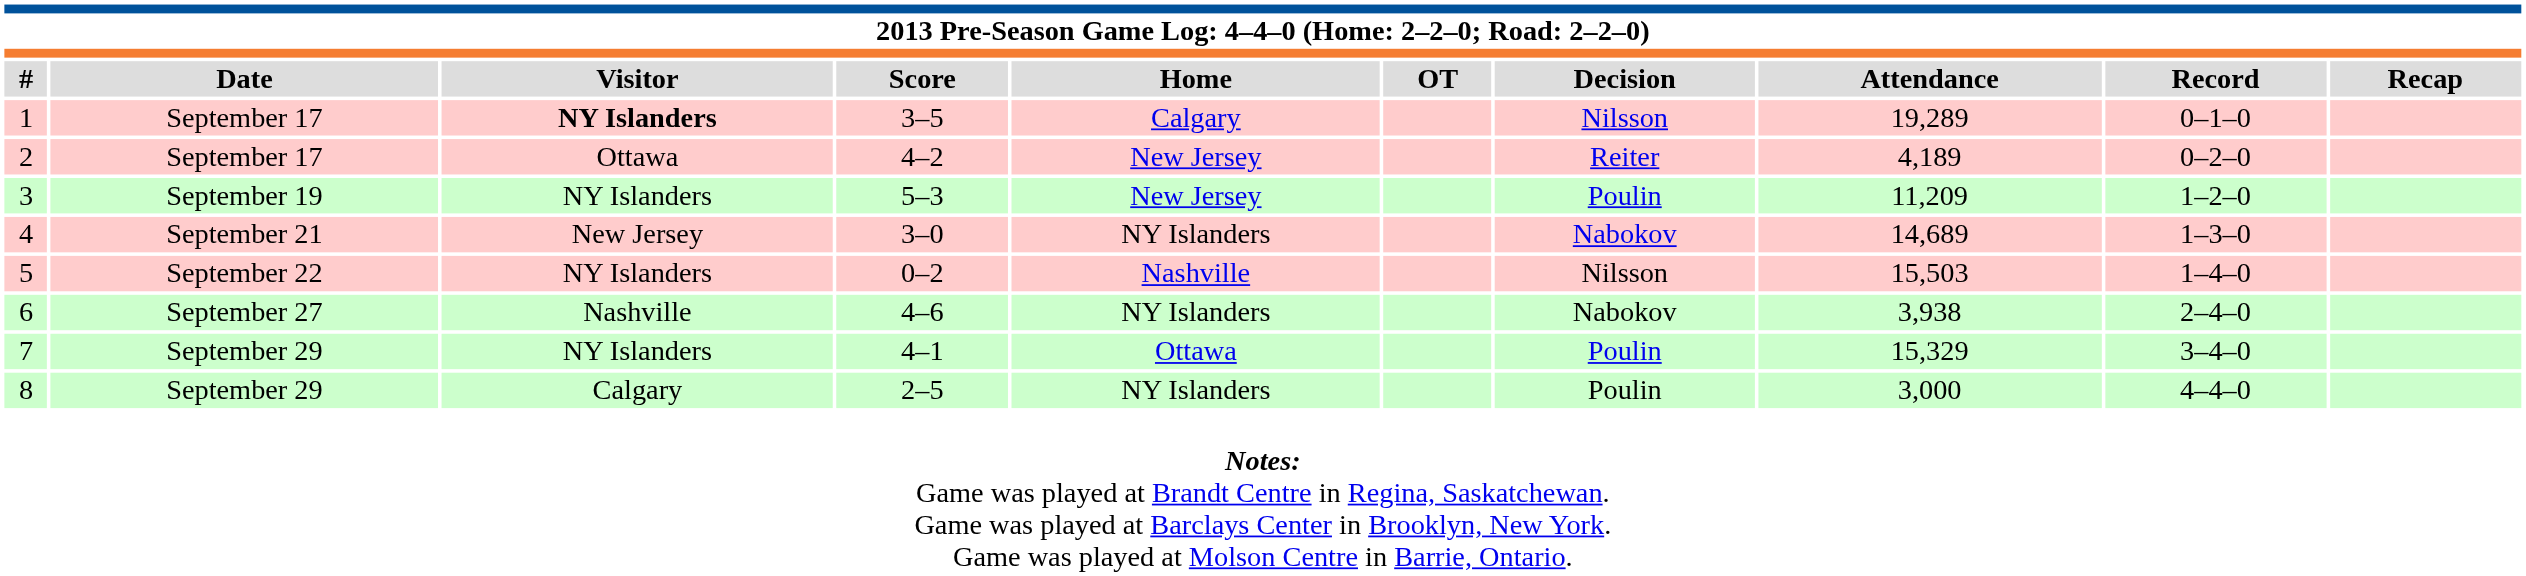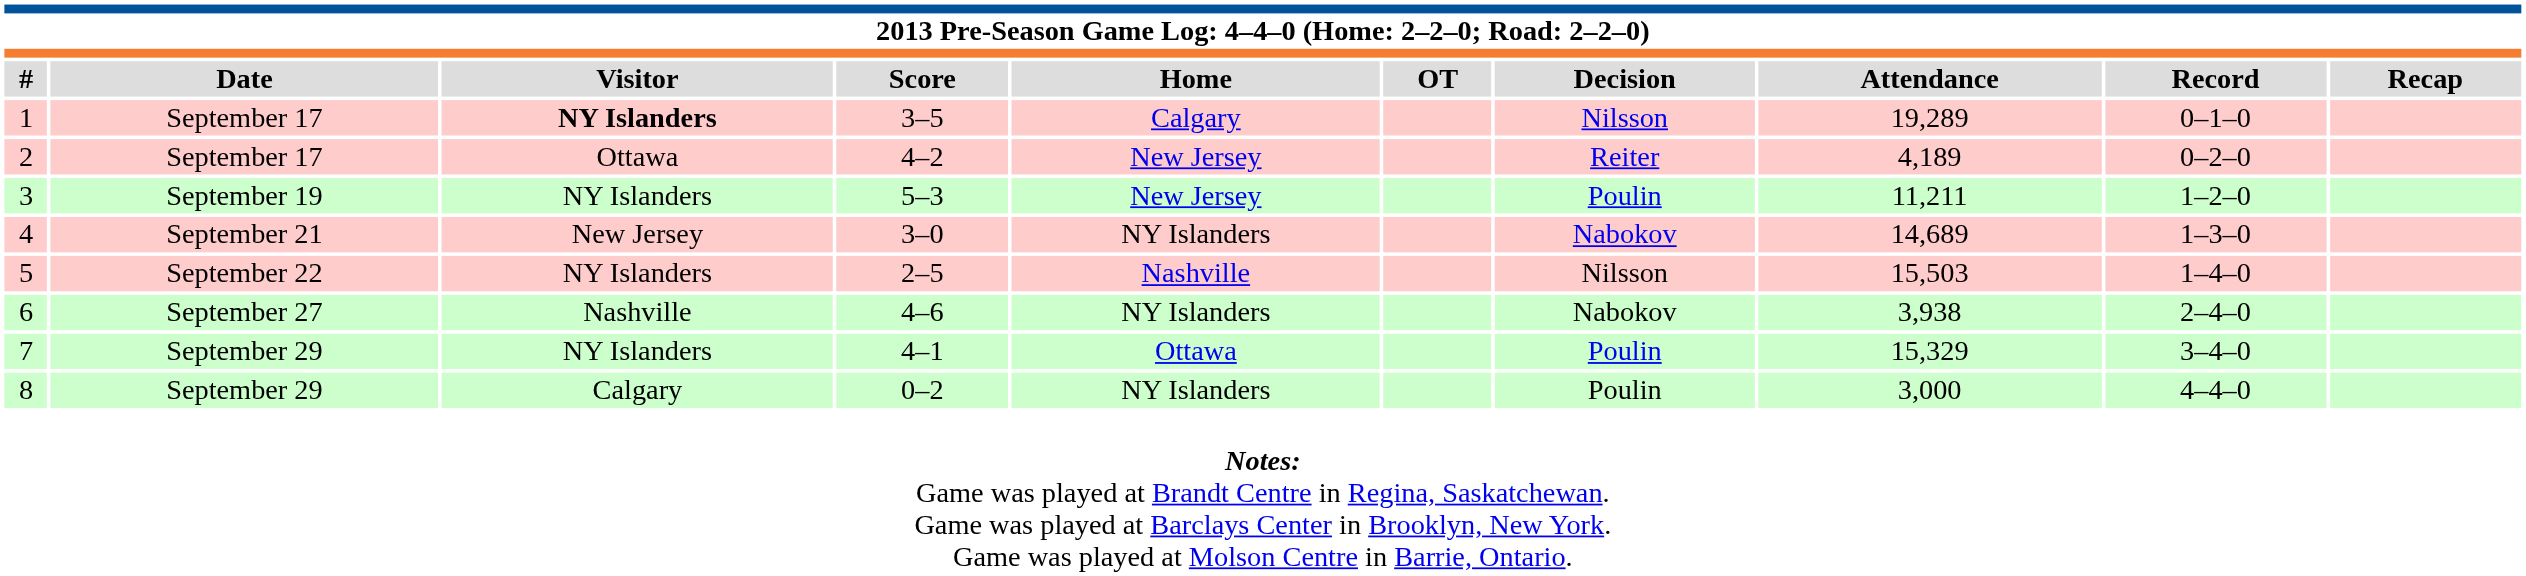 <table class="toccolours collapsible collapsed"  style="width:90%; clear:both; margin:1.5em auto; text-align:center;">
 <tr>
 <th colspan=10 style="background:#fff; border-top:#00529B 5px solid; border-bottom:#F57D31 5px solid;">2013 Pre-Season Game Log: 4–4–0 (Home: 2–2–0; Road: 2–2–0)</th>
 </tr>
 <tr style="text-align:center; background:#ddd;">
 <th>#</th>
 <th>Date</th>
 <th>Visitor</th>
 <th>Score</th>
 <th>Home</th>
 <th>OT</th>
 <th>Decision</th>
 <th>Attendance</th>
 <th>Record</th>
 <th>Recap</th>
 </tr>
 <tr style="text-align:center; background:#fcc;">
 <td>1</td>
 <td>September 17</td>
 <td><strong>NY Islanders</strong></td>
 <td>3–5</td>
 <td><a href='#'>Calgary</a></td>
 <td></td>
 <td><a href='#'>Nilsson</a></td>
 <td>19,289</td>
 <td>0–1–0</td>
 <td></td>
 </tr>
 <tr style="text-align:center; background:#fcc;">
 <td>2</td>
 <td>September 17</td>
 <td>Ottawa</td>
 <td>4–2</td>
 <td><a href='#'>New Jersey</a></td>
 <td></td>
 <td><a href='#'>Reiter</a></td>
 <td>4,189</td>
 <td>0–2–0</td>
 <td></td>
 </tr>
 <tr style="text-align:center; background:#cfc;">
 <td>3</td>
 <td>September 19</td>
 <td>NY Islanders</td>
 <td>5–3</td>
 <td><a href='#'>New Jersey</a></td>
 <td></td>
 <td><a href='#'>Poulin</a></td>
-<td>11,209</td>
+<td>11,211</td>
 <td>1–2–0</td>
 <td></td>
 </tr>
 <tr style="text-align:center; background:#fcc;">
 <td>4</td>
 <td>September 21</td>
 <td>New Jersey</td>
 <td>3–0</td>
 <td>NY Islanders</td>
 <td></td>
 <td><a href='#'>Nabokov</a></td>
 <td>14,689</td>
 <td>1–3–0</td>
 <td></td>
 </tr>
 <tr style="text-align:center; background:#fcc;">
 <td>5</td>
 <td>September 22</td>
 <td>NY Islanders</td>
-<td>0–2</td>
+<td>2–5</td>
 <td><a href='#'>Nashville</a></td>
 <td></td>
 <td>Nilsson</td>
 <td>15,503</td>
 <td>1–4–0</td>
 <td></td>
 </tr>
 <tr style="text-align:center; background:#cfc;">
 <td>6</td>
 <td>September 27</td>
 <td>Nashville</td>
 <td>4–6</td>
 <td>NY Islanders</td>
 <td></td>
 <td>Nabokov</td>
 <td>3,938</td>
 <td>2–4–0</td>
 <td></td>
 </tr>
 <tr style="text-align:center; background:#cfc;">
 <td>7</td>
 <td>September 29</td>
 <td>NY Islanders</td>
 <td>4–1</td>
 <td><a href='#'>Ottawa</a></td>
 <td></td>
 <td><a href='#'>Poulin</a></td>
 <td>15,329</td>
 <td>3–4–0</td>
 <td></td>
 </tr>
 <tr style="text-align:center; background:#cfc;">
 <td>8</td>
 <td>September 29</td>
 <td>Calgary</td>
-<td>2–5</td>
+<td>0–2</td>
 <td>NY Islanders</td>
 <td></td>
 <td>Poulin</td>
 <td>3,000</td>
 <td>4–4–0</td>
 <td></td>
 </tr>
 <tr>
 <td colspan="10" style="text-align:center;"><br><strong><em>Notes:</em></strong><br> Game was played at <a href='#'>Brandt Centre</a> in <a href='#'>Regina, Saskatchewan</a>.<br> Game was played at <a href='#'>Barclays Center</a> in <a href='#'>Brooklyn, New York</a>.<br> Game was played at <a href='#'>Molson Centre</a> in <a href='#'>Barrie, Ontario</a>.</td>
 </tr>
 </table>
